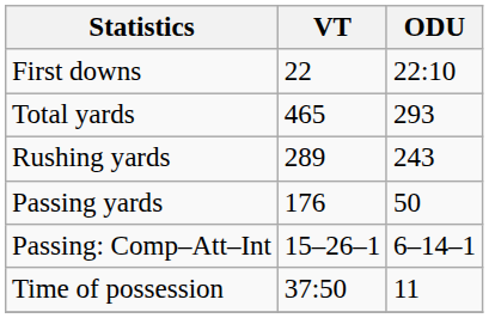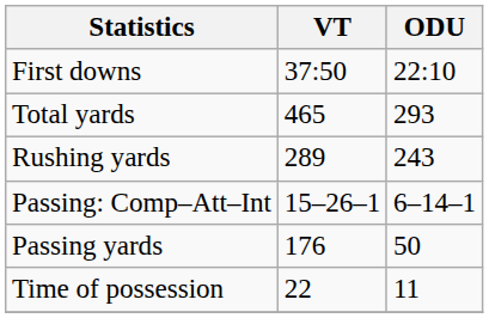 <table class="wikitable" style="float: left;">
 <tr>
 <th>Statistics</th>
 <th>VT</th>
 <th>ODU</th>
 </tr>
 <tr>
 <td>First downs</td>
-<td>22</td>
+<td>37:50</td>
 <td>22:10</td>
 </tr>
 <tr>
 <td>Total yards</td>
 <td>465</td>
 <td>293</td>
 </tr>
 <tr>
 <td>Rushing yards</td>
 <td>289</td>
 <td>243</td>
 </tr>
 <tr>
+<td>Passing: Comp–Att–Int</td>
+<td>15–26–1</td>
+<td>6–14–1</td>
+</tr>
+<tr>
 <td>Passing yards</td>
 <td>176</td>
 <td>50</td>
 </tr>
 <tr>
-<td>Passing: Comp–Att–Int</td>
-<td>15–26–1</td>
-<td>6–14–1</td>
-</tr>
-<tr>
 <td>Time of possession</td>
-<td>37:50</td>
+<td>22</td>
 <td>11</td>
 </tr>
 <tr>
 </tr>
 </table>
